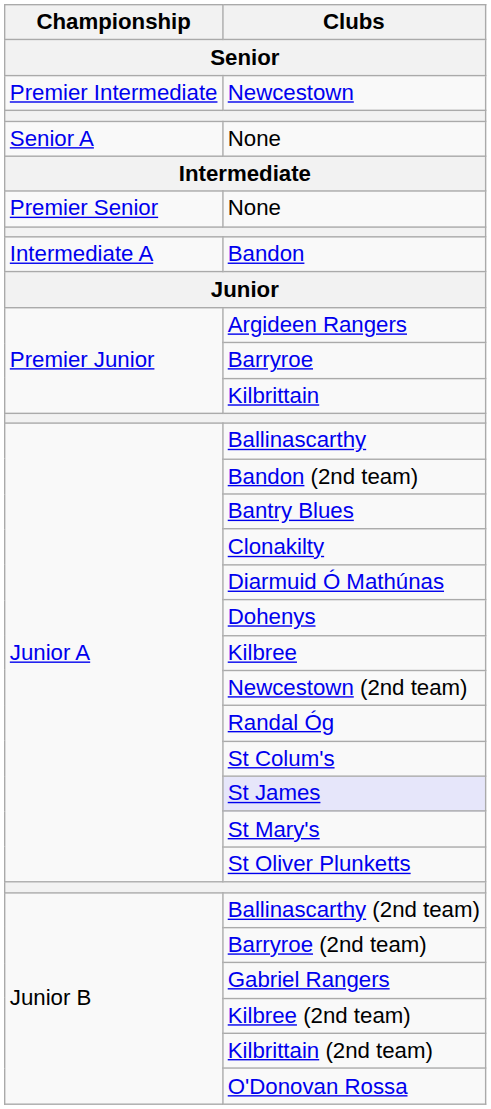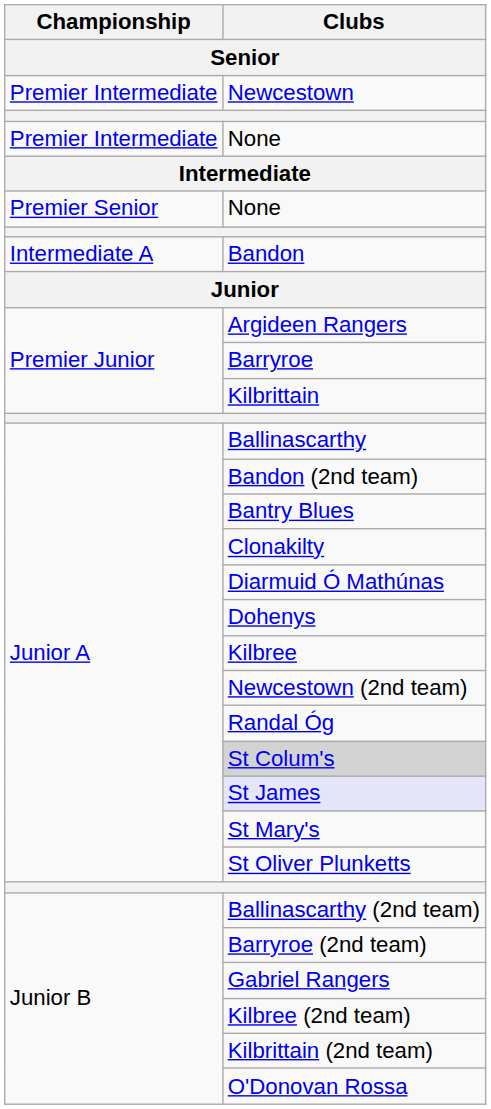 <table class="wikitable sortable">
 <tr>
 <th>Championship</th>
 <th>Clubs</th>
 </tr>
 <tr>
 <th colspan="2">Senior</th>
 </tr>
 <tr>
 <td><a href='#'>Premier Intermediate</a></td>
 <td> <a href='#'>Newcestown</a></td>
 </tr>
 <tr>
 <th colspan="2"></th>
 </tr>
 <tr>
-<td><a href='#'>Senior A</a></td>
+<td><a href='#'>Premier Intermediate</a></td>
 <td>None</td>
 </tr>
 <tr>
 <th colspan="2">Intermediate</th>
 </tr>
 <tr>
 <td><a href='#'>Premier Senior</a></td>
 <td>None</td>
 </tr>
 <tr>
 <th colspan="2"></th>
 </tr>
 <tr>
 <td><a href='#'>Intermediate A</a></td>
 <td> <a href='#'>Bandon</a></td>
 </tr>
 <tr>
 <th colspan="2">Junior</th>
 </tr>
 <tr>
 <td rowspan="3"><a href='#'>Premier Junior</a></td>
 <td> <a href='#'>Argideen Rangers</a></td>
 </tr>
 <tr>
 <td> <a href='#'>Barryroe</a></td>
 </tr>
 <tr>
 <td> <a href='#'>Kilbrittain</a></td>
 </tr>
 <tr>
 <th colspan="2"></th>
 </tr>
 <tr>
 <td rowspan="13"><a href='#'>Junior A</a></td>
 <td> <a href='#'>Ballinascarthy</a></td>
 </tr>
 <tr>
 <td> <a href='#'>Bandon</a> (2nd team)</td>
 </tr>
 <tr>
 <td> <a href='#'>Bantry Blues</a></td>
 </tr>
 <tr>
 <td> <a href='#'>Clonakilty</a></td>
 </tr>
 <tr>
 <td> <a href='#'>Diarmuid Ó Mathúnas</a></td>
 </tr>
 <tr>
 <td> <a href='#'>Dohenys</a></td>
 </tr>
 <tr>
 <td> <a href='#'>Kilbree</a></td>
 </tr>
 <tr>
 <td> <a href='#'>Newcestown</a> (2nd team)</td>
 </tr>
 <tr>
 <td> <a href='#'>Randal Óg</a></td>
 </tr>
 <tr>
-<td> <a href='#'>St Colum's</a></td>
+<td style="background: lightgrey;"> <a href='#'>St Colum's</a></td>
 </tr>
 <tr>
 <td style="background: lavender;"> <a href='#'>St James</a></td>
 </tr>
 <tr>
 <td> <a href='#'>St Mary's</a></td>
 </tr>
 <tr>
 <td> <a href='#'>St Oliver Plunketts</a></td>
 </tr>
 <tr>
 <th colspan="2"></th>
 </tr>
 <tr>
 <td rowspan="6">Junior B</td>
 <td> <a href='#'>Ballinascarthy</a> (2nd team)</td>
 </tr>
 <tr>
 <td> <a href='#'>Barryroe</a> (2nd team)</td>
 </tr>
 <tr>
 <td> <a href='#'>Gabriel Rangers</a></td>
 </tr>
 <tr>
 <td> <a href='#'>Kilbree</a> (2nd team)</td>
 </tr>
 <tr>
 <td> <a href='#'>Kilbrittain</a> (2nd team)</td>
 </tr>
 <tr>
 <td> <a href='#'>O'Donovan Rossa</a></td>
 </tr>
 </table>
